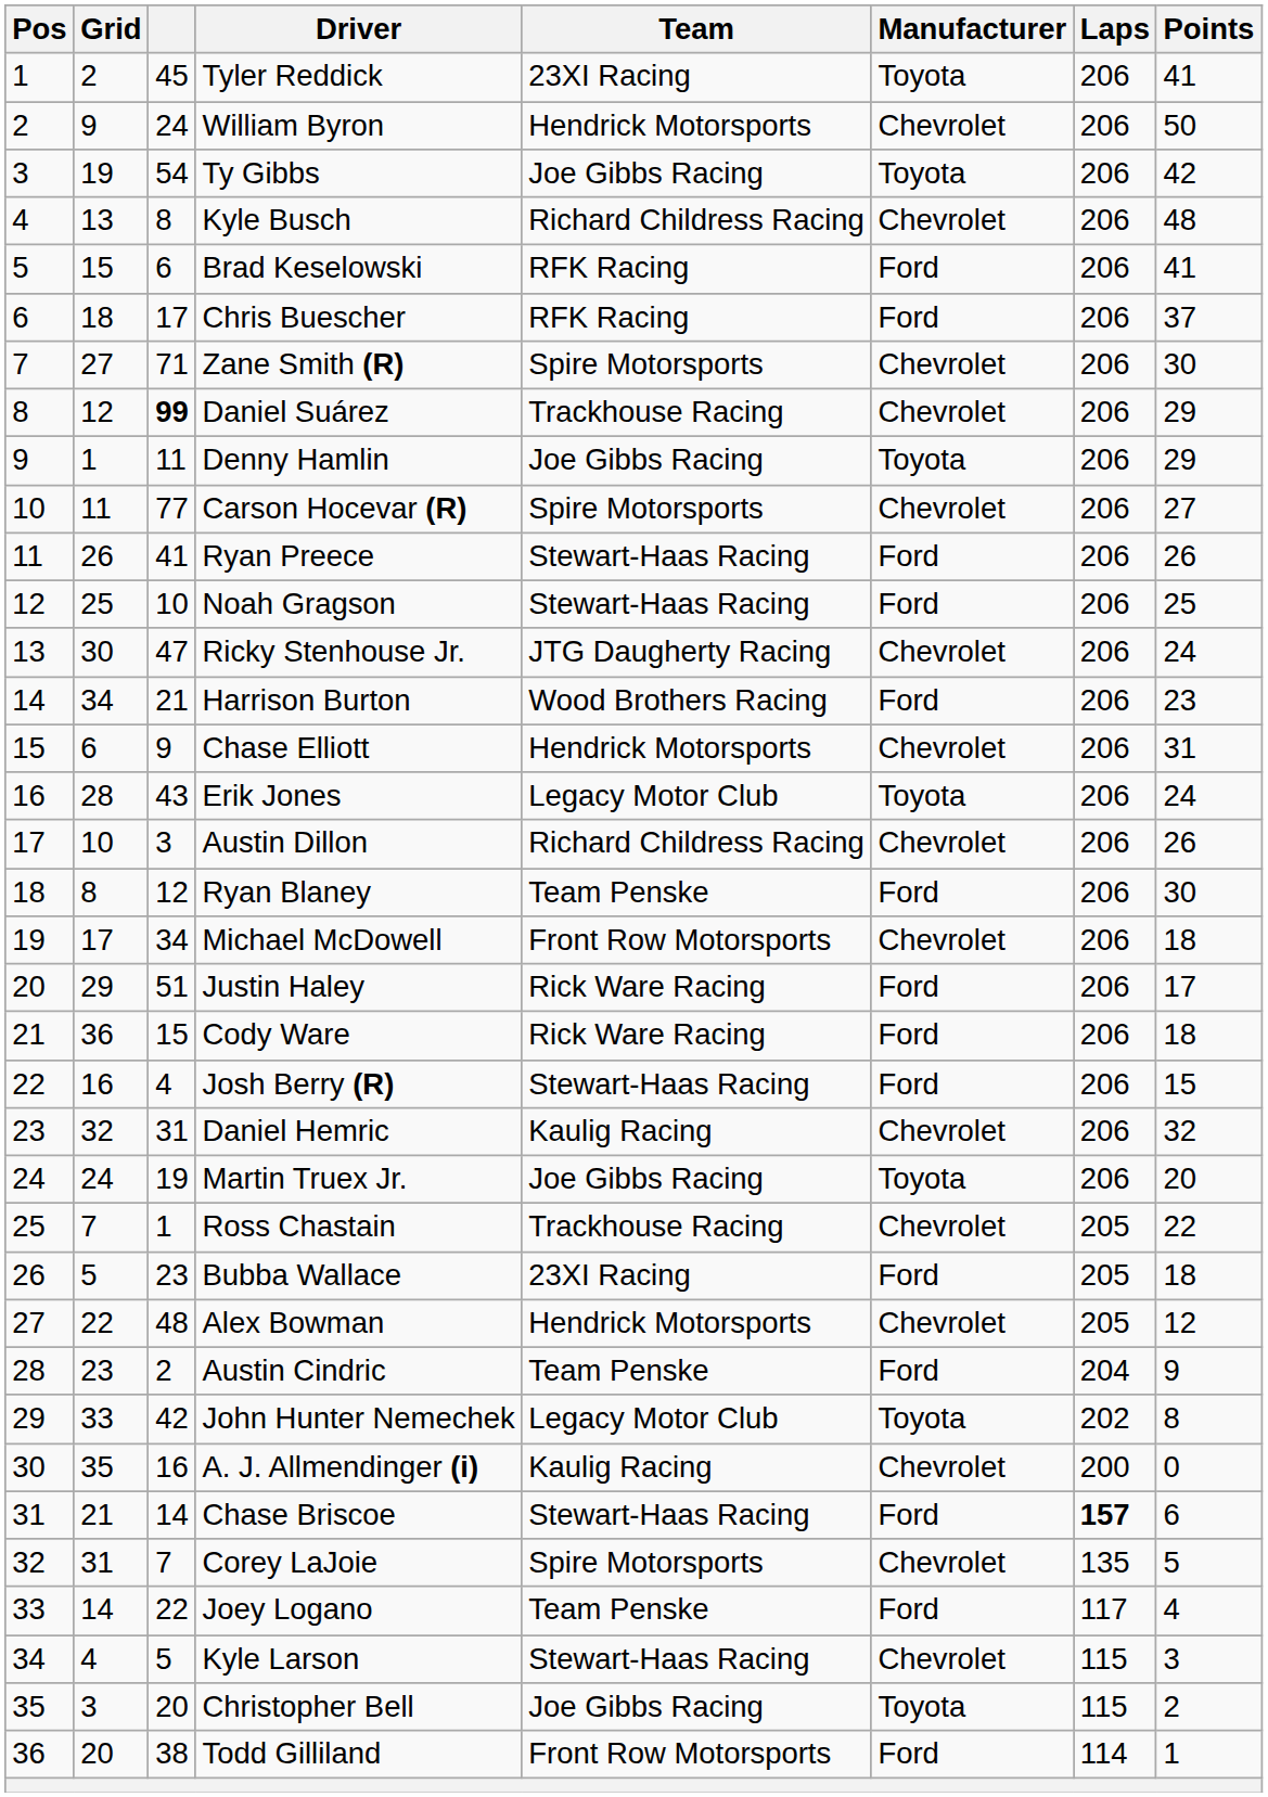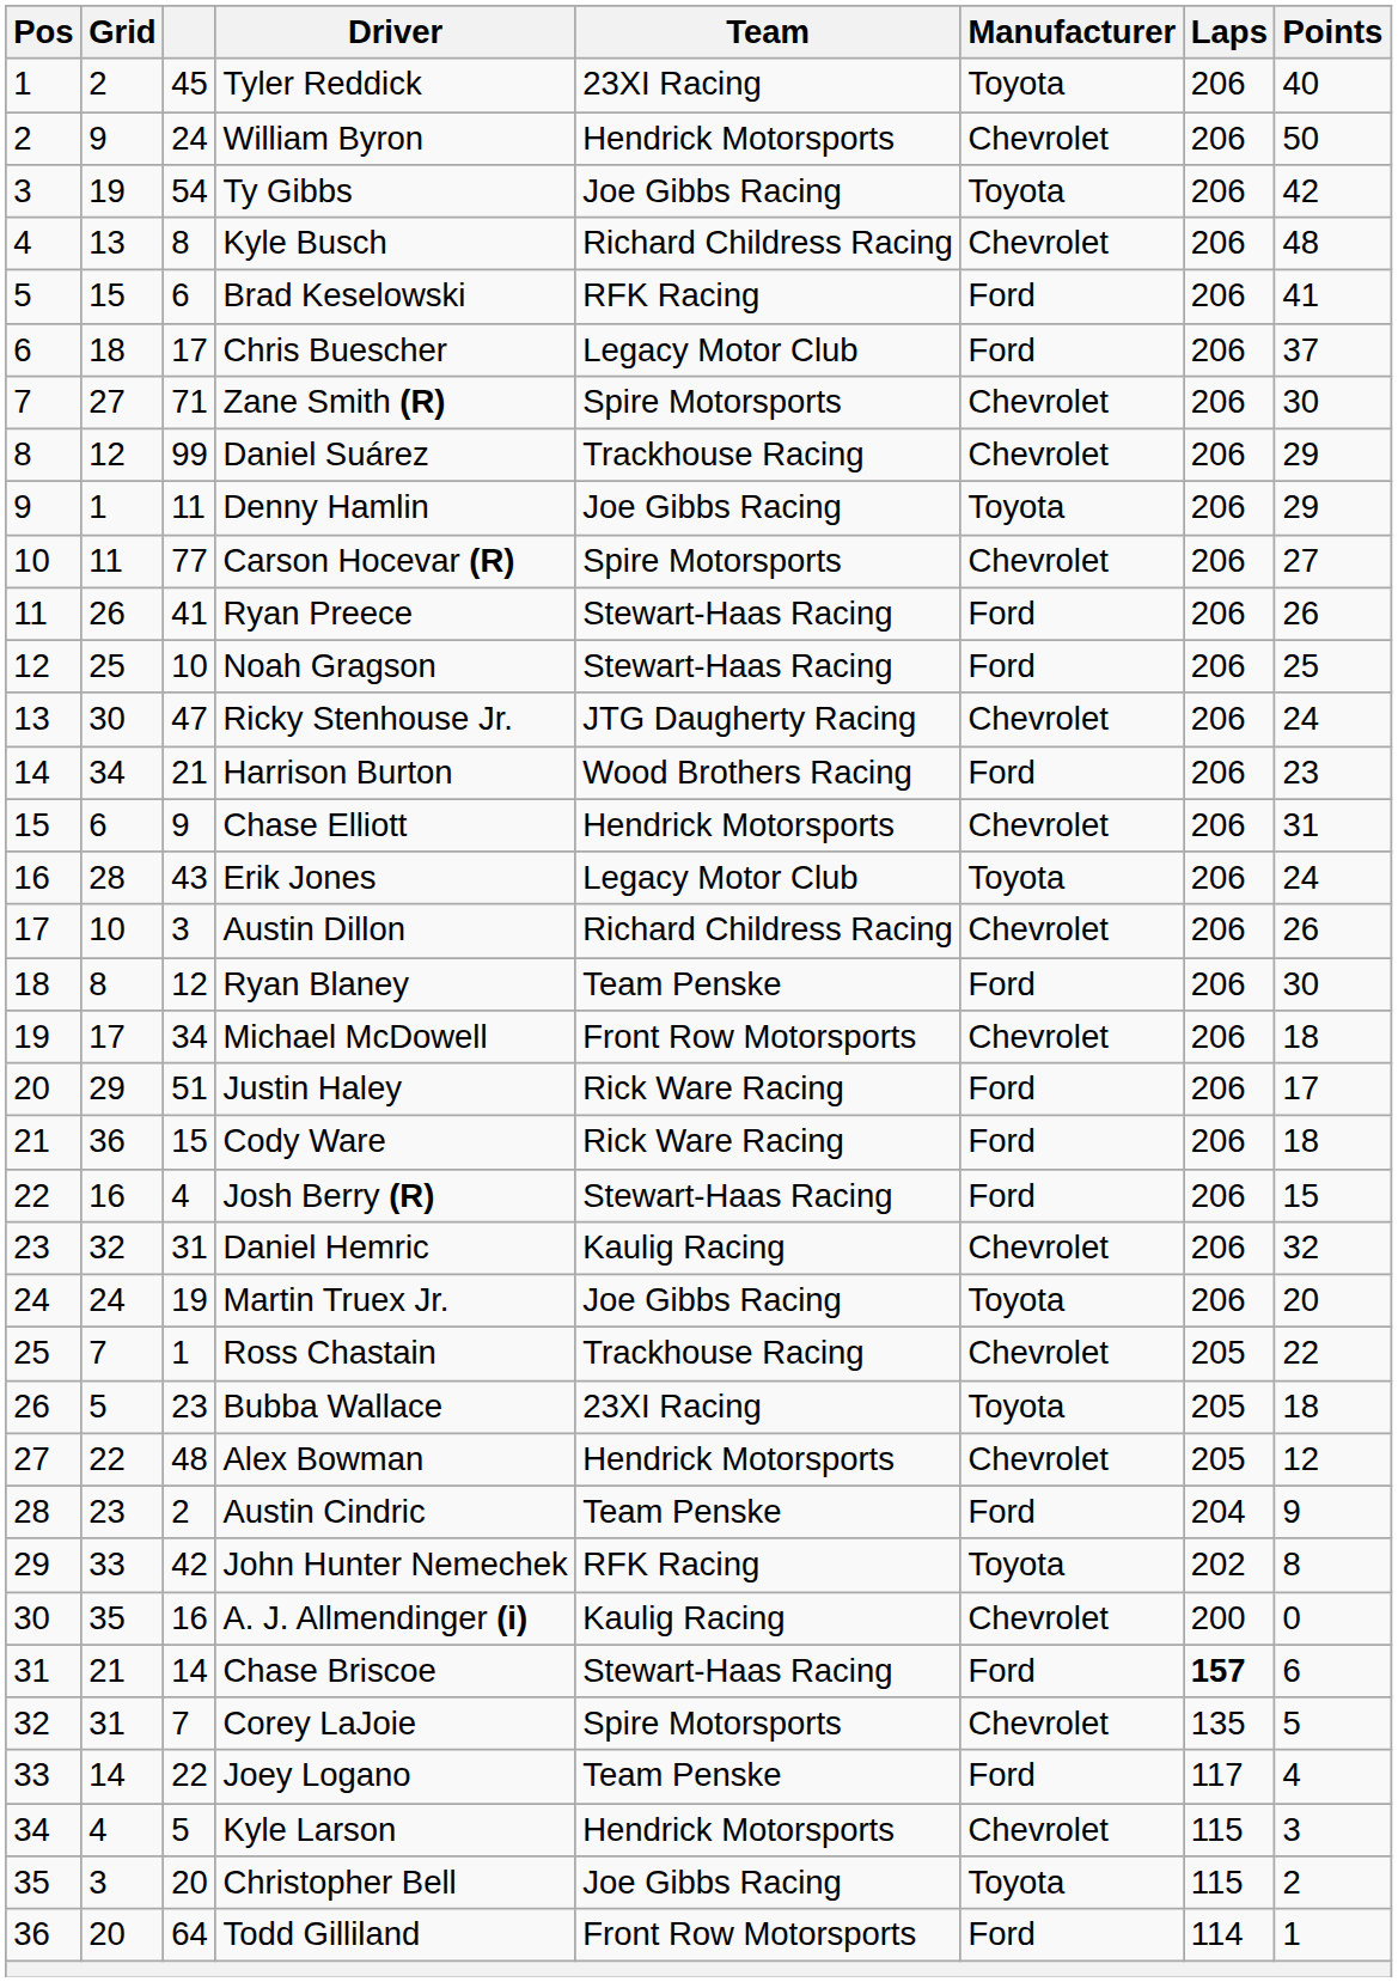 <table class="wikitable" style="font-size:98%">
 <tr>
 <th>Pos</th>
 <th>Grid</th>
 <th></th>
 <th>Driver</th>
 <th>Team</th>
 <th>Manufacturer</th>
 <th>Laps</th>
 <th>Points</th>
 </tr>
 <tr>
 <td>1</td>
 <td>2</td>
 <td>45</td>
 <td>Tyler Reddick</td>
 <td>23XI Racing</td>
 <td>Toyota</td>
 <td>206</td>
-<td>41</td>
+<td>40</td>
 </tr>
 <tr>
 <td>2</td>
 <td>9</td>
 <td>24</td>
 <td>William Byron</td>
 <td>Hendrick Motorsports</td>
 <td>Chevrolet</td>
 <td>206</td>
 <td>50</td>
 </tr>
 <tr>
 <td>3</td>
 <td>19</td>
 <td>54</td>
 <td>Ty Gibbs</td>
 <td>Joe Gibbs Racing</td>
 <td>Toyota</td>
 <td>206</td>
 <td>42</td>
 </tr>
 <tr>
 <td>4</td>
 <td>13</td>
 <td>8</td>
 <td>Kyle Busch</td>
 <td>Richard Childress Racing</td>
 <td>Chevrolet</td>
 <td>206</td>
 <td>48</td>
 </tr>
 <tr>
 <td>5</td>
 <td>15</td>
 <td>6</td>
 <td>Brad Keselowski</td>
 <td>RFK Racing</td>
 <td>Ford</td>
 <td>206</td>
 <td>41</td>
 </tr>
 <tr>
 <td>6</td>
 <td>18</td>
 <td>17</td>
 <td>Chris Buescher</td>
-<td>RFK Racing</td>
+<td>Legacy Motor Club</td>
 <td>Ford</td>
 <td>206</td>
 <td>37</td>
 </tr>
 <tr>
 <td>7</td>
 <td>27</td>
 <td>71</td>
 <td>Zane Smith <strong>(R)</strong></td>
 <td>Spire Motorsports</td>
 <td>Chevrolet</td>
 <td>206</td>
 <td>30</td>
 </tr>
 <tr>
 <td>8</td>
 <td>12</td>
-<td><strong>99</strong></td>
+<td>99</td>
 <td>Daniel Suárez</td>
 <td>Trackhouse Racing</td>
 <td>Chevrolet</td>
 <td>206</td>
 <td>29</td>
 </tr>
 <tr>
 <td>9</td>
 <td>1</td>
 <td>11</td>
 <td>Denny Hamlin</td>
 <td>Joe Gibbs Racing</td>
 <td>Toyota</td>
 <td>206</td>
 <td>29</td>
 </tr>
 <tr>
 <td>10</td>
 <td>11</td>
 <td>77</td>
 <td>Carson Hocevar <strong>(R)</strong></td>
 <td>Spire Motorsports</td>
 <td>Chevrolet</td>
 <td>206</td>
 <td>27</td>
 </tr>
 <tr>
 <td>11</td>
 <td>26</td>
 <td>41</td>
 <td>Ryan Preece</td>
 <td>Stewart-Haas Racing</td>
 <td>Ford</td>
 <td>206</td>
 <td>26</td>
 </tr>
 <tr>
 <td>12</td>
 <td>25</td>
 <td>10</td>
 <td>Noah Gragson</td>
 <td>Stewart-Haas Racing</td>
 <td>Ford</td>
 <td>206</td>
 <td>25</td>
 </tr>
 <tr>
 <td>13</td>
 <td>30</td>
 <td>47</td>
 <td>Ricky Stenhouse Jr.</td>
 <td>JTG Daugherty Racing</td>
 <td>Chevrolet</td>
 <td>206</td>
 <td>24</td>
 </tr>
 <tr>
 <td>14</td>
 <td>34</td>
 <td>21</td>
 <td>Harrison Burton</td>
 <td>Wood Brothers Racing</td>
 <td>Ford</td>
 <td>206</td>
 <td>23</td>
 </tr>
 <tr>
 <td>15</td>
 <td>6</td>
 <td>9</td>
 <td>Chase Elliott</td>
 <td>Hendrick Motorsports</td>
 <td>Chevrolet</td>
 <td>206</td>
 <td>31</td>
 </tr>
 <tr>
 <td>16</td>
 <td>28</td>
 <td>43</td>
 <td>Erik Jones</td>
 <td>Legacy Motor Club</td>
 <td>Toyota</td>
 <td>206</td>
 <td>24</td>
 </tr>
 <tr>
 <td>17</td>
 <td>10</td>
 <td>3</td>
 <td>Austin Dillon</td>
 <td>Richard Childress Racing</td>
 <td>Chevrolet</td>
 <td>206</td>
 <td>26</td>
 </tr>
 <tr>
 <td>18</td>
 <td>8</td>
 <td>12</td>
 <td>Ryan Blaney</td>
 <td>Team Penske</td>
 <td>Ford</td>
 <td>206</td>
 <td>30</td>
 </tr>
 <tr>
 <td>19</td>
 <td>17</td>
 <td>34</td>
 <td>Michael McDowell</td>
 <td>Front Row Motorsports</td>
 <td>Chevrolet</td>
 <td>206</td>
 <td>18</td>
 </tr>
 <tr>
 <td>20</td>
 <td>29</td>
 <td>51</td>
 <td>Justin Haley</td>
 <td>Rick Ware Racing</td>
 <td>Ford</td>
 <td>206</td>
 <td>17</td>
 </tr>
 <tr>
 <td>21</td>
 <td>36</td>
 <td>15</td>
 <td>Cody Ware</td>
 <td>Rick Ware Racing</td>
 <td>Ford</td>
 <td>206</td>
 <td>18</td>
 </tr>
 <tr>
 <td>22</td>
 <td>16</td>
 <td>4</td>
 <td>Josh Berry <strong>(R)</strong></td>
 <td>Stewart-Haas Racing</td>
 <td>Ford</td>
 <td>206</td>
 <td>15</td>
 </tr>
 <tr>
 <td>23</td>
 <td>32</td>
 <td>31</td>
 <td>Daniel Hemric</td>
 <td>Kaulig Racing</td>
 <td>Chevrolet</td>
 <td>206</td>
 <td>32</td>
 </tr>
 <tr>
 <td>24</td>
 <td>24</td>
 <td>19</td>
 <td>Martin Truex Jr.</td>
 <td>Joe Gibbs Racing</td>
 <td>Toyota</td>
 <td>206</td>
 <td>20</td>
 </tr>
 <tr>
 <td>25</td>
 <td>7</td>
 <td>1</td>
 <td>Ross Chastain</td>
 <td>Trackhouse Racing</td>
 <td>Chevrolet</td>
 <td>205</td>
 <td>22</td>
 </tr>
 <tr>
 <td>26</td>
 <td>5</td>
 <td>23</td>
 <td>Bubba Wallace</td>
 <td>23XI Racing</td>
-<td>Ford</td>
+<td>Toyota</td>
 <td>205</td>
 <td>18</td>
 </tr>
 <tr>
 <td>27</td>
 <td>22</td>
 <td>48</td>
 <td>Alex Bowman</td>
 <td>Hendrick Motorsports</td>
 <td>Chevrolet</td>
 <td>205</td>
 <td>12</td>
 </tr>
 <tr>
 <td>28</td>
 <td>23</td>
 <td>2</td>
 <td>Austin Cindric</td>
 <td>Team Penske</td>
 <td>Ford</td>
 <td>204</td>
 <td>9</td>
 </tr>
 <tr>
 <td>29</td>
 <td>33</td>
 <td>42</td>
 <td>John Hunter Nemechek</td>
-<td>Legacy Motor Club</td>
+<td>RFK Racing</td>
 <td>Toyota</td>
 <td>202</td>
 <td>8</td>
 </tr>
 <tr>
 <td>30</td>
 <td>35</td>
 <td>16</td>
 <td>A. J. Allmendinger <strong>(i)</strong></td>
 <td>Kaulig Racing</td>
 <td>Chevrolet</td>
 <td>200</td>
 <td>0</td>
 </tr>
 <tr>
 <td>31</td>
 <td>21</td>
 <td>14</td>
 <td>Chase Briscoe</td>
 <td>Stewart-Haas Racing</td>
 <td>Ford</td>
 <td><strong>157</strong></td>
 <td>6</td>
 </tr>
 <tr>
 <td>32</td>
 <td>31</td>
 <td>7</td>
 <td>Corey LaJoie</td>
 <td>Spire Motorsports</td>
 <td>Chevrolet</td>
 <td>135</td>
 <td>5</td>
 </tr>
 <tr>
 <td>33</td>
 <td>14</td>
 <td>22</td>
 <td>Joey Logano</td>
 <td>Team Penske</td>
 <td>Ford</td>
 <td>117</td>
 <td>4</td>
 </tr>
 <tr>
 <td>34</td>
 <td>4</td>
 <td>5</td>
 <td>Kyle Larson</td>
-<td>Stewart-Haas Racing</td>
+<td>Hendrick Motorsports</td>
 <td>Chevrolet</td>
 <td>115</td>
 <td>3</td>
 </tr>
 <tr>
 <td>35</td>
 <td>3</td>
 <td>20</td>
 <td>Christopher Bell</td>
 <td>Joe Gibbs Racing</td>
 <td>Toyota</td>
 <td>115</td>
 <td>2</td>
 </tr>
 <tr>
 <td>36</td>
 <td>20</td>
-<td>38</td>
+<td>64</td>
 <td>Todd Gilliland</td>
 <td>Front Row Motorsports</td>
 <td>Ford</td>
 <td>114</td>
 <td>1</td>
 </tr>
 <tr>
 <th colspan="8"></th>
 </tr>
 </table>
